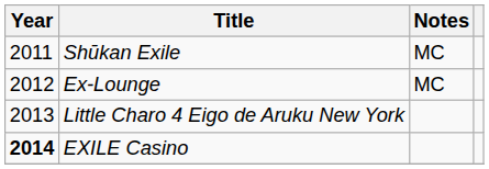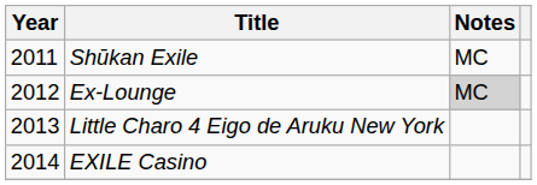 <table class="wikitable">
 <tr>
 <th>Year</th>
 <th>Title</th>
 <th>Notes</th>
 <th></th>
 </tr>
 <tr>
 <td>2011</td>
 <td><em>Shūkan Exile</em></td>
 <td>MC</td>
 <td></td>
 </tr>
 <tr>
 <td>2012</td>
 <td><em>Ex-Lounge</em></td>
-<td>MC</td>
+<td style="background: lightgrey;">MC</td>
 <td></td>
 </tr>
 <tr>
 <td>2013</td>
 <td><em>Little Charo 4 Eigo de Aruku New York</em></td>
 <td></td>
 <td></td>
 </tr>
 <tr>
-<td><strong>2014</strong></td>
+<td>2014</td>
 <td><em>EXILE Casino</em></td>
 <td></td>
 <td></td>
 </tr>
 <tr>
 </tr>
 </table>
